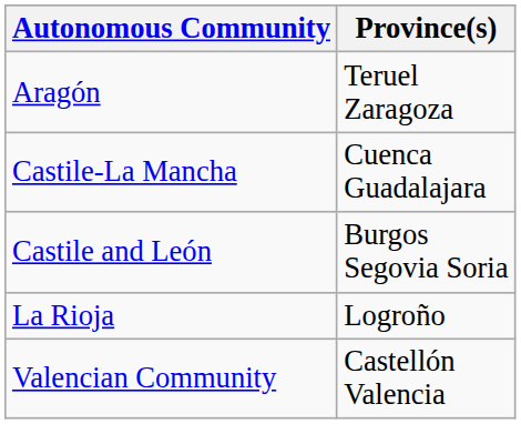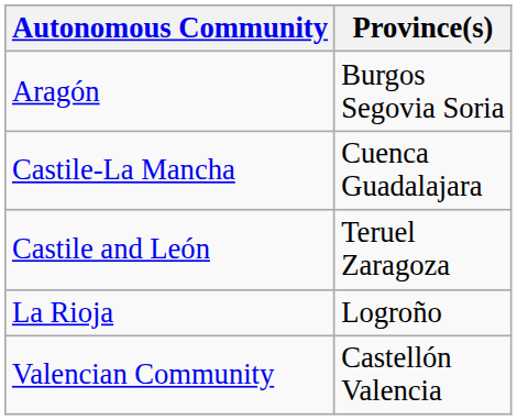 <table class="wikitable sortable">
 <tr>
 <th><a href='#'>Autonomous Community</a></th>
 <th>Province(s)</th>
 </tr>
 <tr>
 <td><a href='#'>Aragón</a></td>
-<td>Teruel<br>Zaragoza</td>
+<td>Burgos<br>Segovia Soria</td>
 </tr>
 <tr>
 <td><a href='#'>Castile-La Mancha</a></td>
 <td>Cuenca<br>Guadalajara</td>
 </tr>
 <tr>
 <td><a href='#'>Castile and León</a></td>
-<td>Burgos<br>Segovia Soria</td>
+<td>Teruel<br>Zaragoza</td>
 </tr>
 <tr>
 <td><a href='#'>La Rioja</a></td>
 <td>Logroño</td>
 </tr>
 <tr>
 <td><a href='#'>Valencian Community</a></td>
 <td>Castellón<br>Valencia</td>
 </tr>
 </table>
